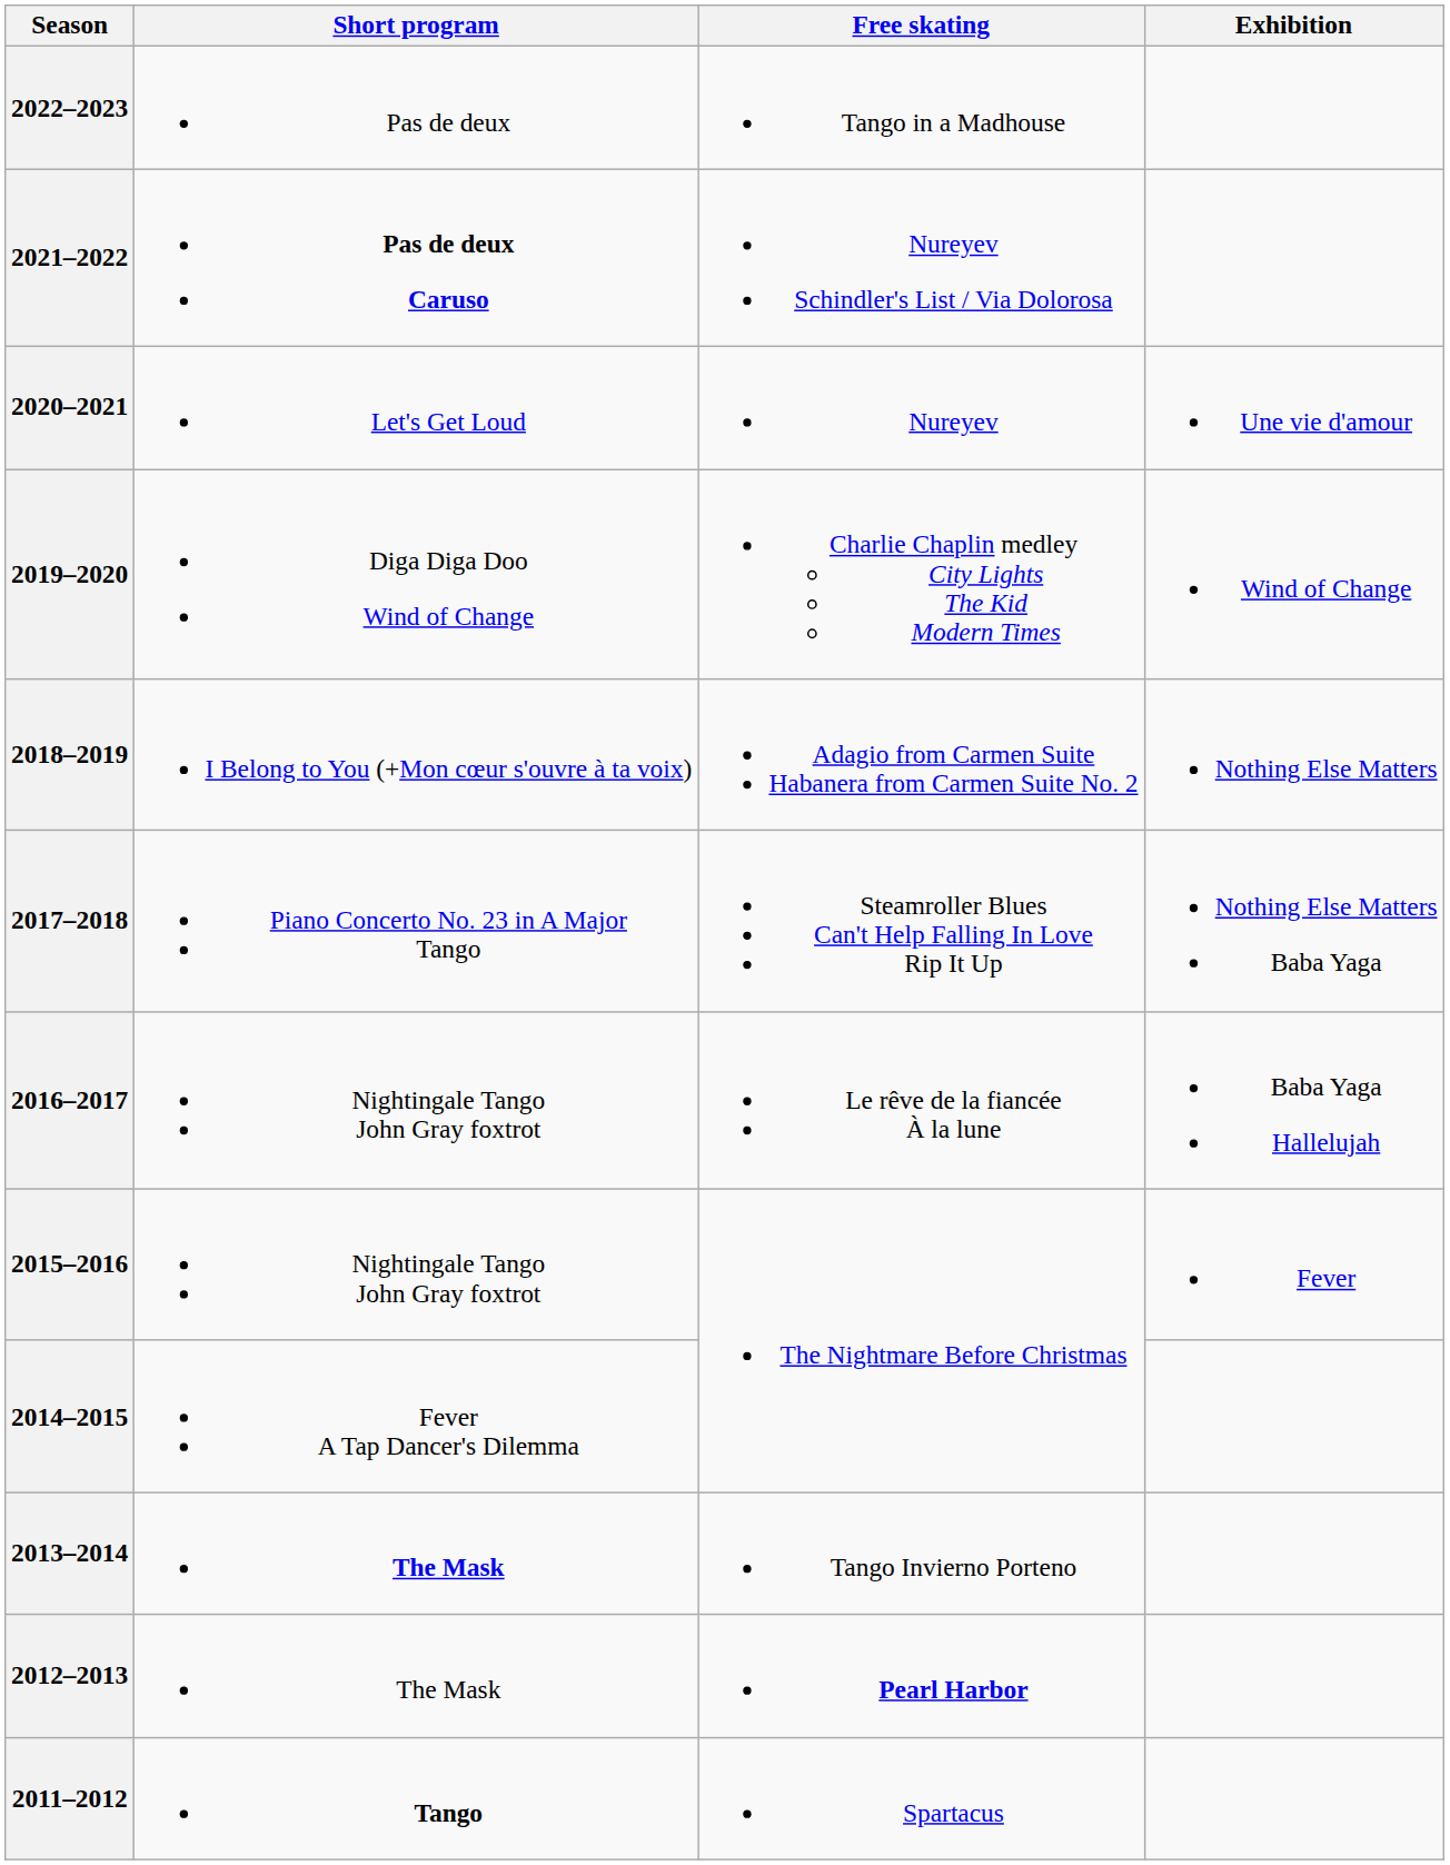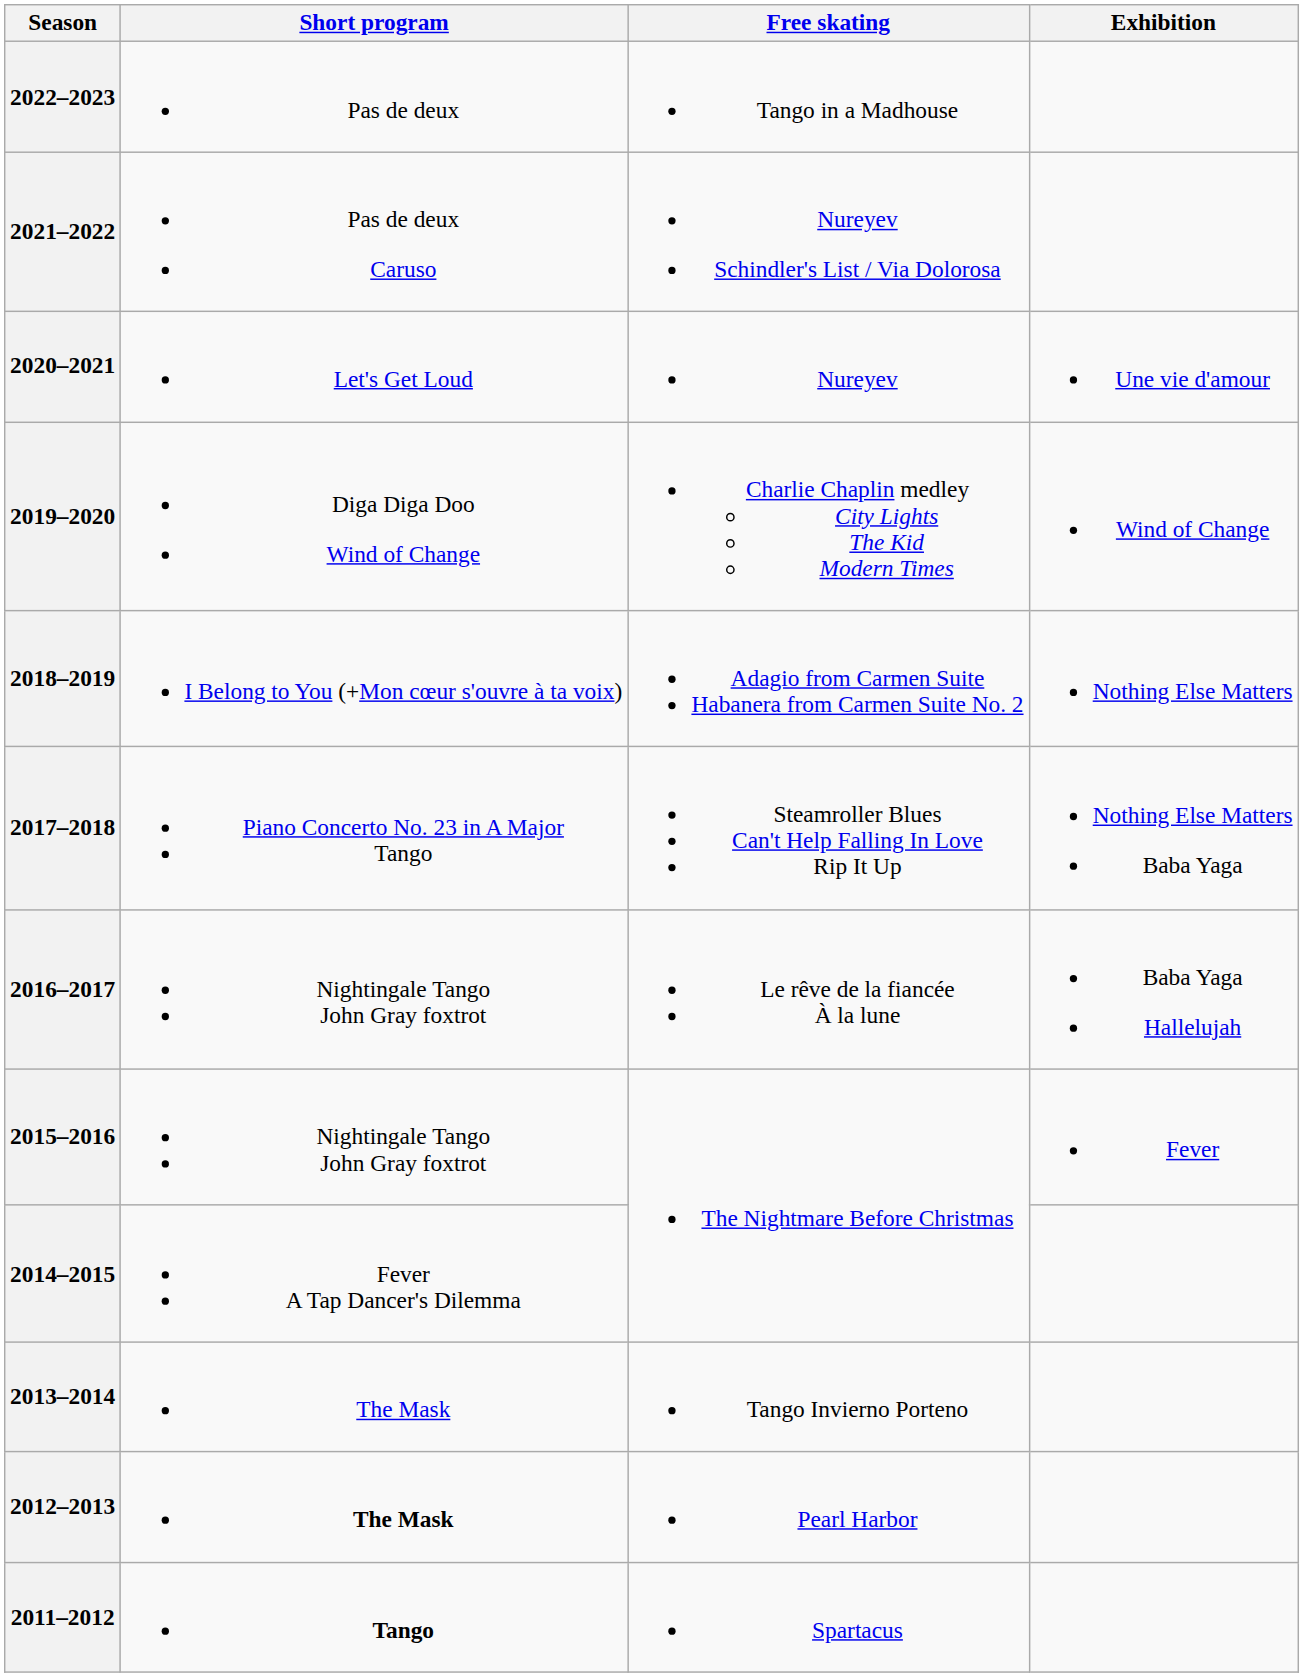 <table class=wikitable style=text-align:center>
 <tr>
 <th>Season</th>
 <th><a href='#'>Short program</a></th>
 <th><a href='#'>Free skating</a></th>
 <th>Exhibition</th>
 </tr>
 <tr>
 <th>2022–2023<br></th>
 <td><br><ul><li>Pas de deux<br></li></ul></td>
 <td><br><ul><li>Tango in a Madhouse<br></li></ul></td>
 <td></td>
 </tr>
 <tr>
 <th>2021–2022 <br></th>
-<td><strong><br><ul><li>Pas de deux<br></li></ul><ul><li><a href='#'>Caruso</a> <br> </li></ul></strong></td>
+<td><br><ul><li>Pas de deux<br></li></ul><ul><li><a href='#'>Caruso</a> <br> </li></ul></td>
 <td><br><ul><li><a href='#'>Nureyev</a><br></li></ul><ul><li><a href='#'>Schindler's List / Via Dolorosa</a><br></li></ul></td>
 <td></td>
 </tr>
 <tr>
 <th>2020–2021 <br></th>
 <td><br><ul><li><a href='#'>Let's Get Loud</a> <br> </li></ul></td>
 <td><br><ul><li><a href='#'>Nureyev</a><br></li></ul></td>
 <td><br><ul><li><a href='#'>Une vie d'amour</a> <br> </li></ul></td>
 </tr>
 <tr>
 <th>2019–2020 <br></th>
 <td><br><ul><li>Diga Diga Doo<br></li></ul><ul><li><a href='#'>Wind of Change</a><br></li></ul></td>
 <td><br><ul><li><a href='#'>Charlie Chaplin</a> medley<br><ul><li><em><a href='#'>City Lights</a></em></li><li><em><a href='#'>The Kid</a></em></li><li><em><a href='#'>Modern Times</a></em></li></ul></li></ul></td>
 <td><br><ul><li><a href='#'>Wind of Change</a><br></li></ul></td>
 </tr>
 <tr>
 <th>2018–2019 <br></th>
 <td><br><ul><li><a href='#'>I Belong to You</a> (+<a href='#'>Mon cœur s'ouvre à ta voix</a>)<br></li></ul></td>
 <td><br><ul><li><a href='#'>Adagio from Carmen Suite</a><br></li><li><a href='#'>Habanera from Carmen Suite No. 2</a><br></li></ul></td>
 <td><br><ul><li><a href='#'>Nothing Else Matters</a><br></li></ul></td>
 </tr>
 <tr>
 <th>2017–2018 <br></th>
 <td><br><ul><li><a href='#'>Piano Concerto No. 23 in A Major</a><br></li><li>Tango</li></ul></td>
 <td><br><ul><li>Steamroller Blues</li><li><a href='#'>Can't Help Falling In Love</a></li><li>Rip It Up <br></li></ul></td>
 <td><br><ul><li><a href='#'>Nothing Else Matters</a><br></li></ul><ul><li>Baba Yaga <br></li></ul></td>
 </tr>
 <tr>
 <th>2016–2017 <br></th>
 <td><br><ul><li>Nightingale Tango <br></li><li>John Gray foxtrot <br></li></ul></td>
 <td><br><ul><li>Le rêve de la fiancée <br></li><li>À la lune <br></li></ul></td>
 <td><br><ul><li>Baba Yaga <br></li></ul><ul><li><a href='#'>Hallelujah</a><br></li></ul></td>
 </tr>
 <tr>
 <th>2015–2016 <br></th>
 <td><br><ul><li>Nightingale Tango</li><li>John Gray foxtrot <br></li></ul></td>
 <td rowspan=2><br><ul><li><a href='#'>The Nightmare Before Christmas</a><br></li></ul></td>
 <td><br><ul><li><a href='#'>Fever</a><br></li></ul></td>
 </tr>
 <tr>
 <th>2014–2015</th>
 <td><br><ul><li>Fever <br></li><li>A Tap Dancer's Dilemma <br> </li></ul></td>
 <td></td>
 </tr>
 <tr>
 <th>2013–2014</th>
-<td><strong><br><ul><li><a href='#'>The Mask</a><br></li></ul></strong></td>
+<td><br><ul><li><a href='#'>The Mask</a><br></li></ul></td>
 <td><br><ul><li>Tango Invierno Porteno <br> </li></ul></td>
 <td></td>
 </tr>
 <tr>
 <th>2012–2013 <br></th>
-<td><br><ul><li>The Mask <br></li></ul></td>
-<td><strong><br><ul><li><a href='#'>Pearl Harbor</a><br></li></ul></strong></td>
+<td><strong><br><ul><li>The Mask <br></li></ul></strong></td>
+<td><br><ul><li><a href='#'>Pearl Harbor</a><br></li></ul></td>
 <td></td>
 </tr>
 <tr>
 <th>2011–2012 <br></th>
 <td><strong><br><ul><li>Tango <br></li></ul></strong></td>
 <td><br><ul><li><a href='#'>Spartacus</a><br></li></ul></td>
 <td></td>
 </tr>
 </table>
